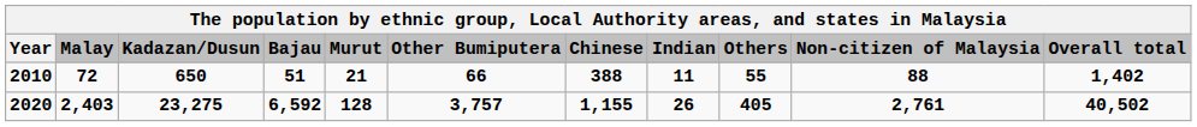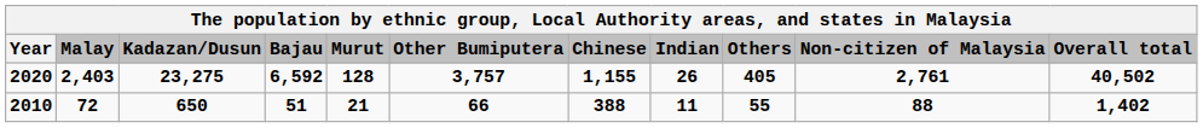 <table class="wikitable" width="auto" style="text-align: center">
 <tr>
 <th colspan="11">The population by ethnic group, Local Authority areas, and states in Malaysia</th>
 </tr>
 <tr style="background:#efefef;">
 <th><strong>Year</strong></th>
 <td style="background: silver"><strong>Malay</strong></td>
 <td style="background: silver"><strong>Kadazan/Dusun</strong></td>
 <td style="background: silver"><strong>Bajau</strong></td>
 <td style="background: silver"><strong>Murut</strong></td>
 <td style="background: silver"><strong>Other Bumiputera</strong></td>
 <td style="background: silver"><strong>Chinese</strong></td>
 <td style="background: silver"><strong>Indian</strong></td>
 <td style="background: silver"><strong>Others</strong></td>
 <td style="background: silver"><strong>Non-citizen of Malaysia</strong></td>
 <td style="background: silver"><strong>Overall total</strong></td>
 </tr>
 <tr>
+<td style="text-align:center;"><strong>2020</strong></td>
+<td style="text-align:center;"><strong>2,403</strong></td>
+<td style="text-align:center;"><strong>23,275</strong></td>
+<td style="text-align:center;"><strong>6,592</strong></td>
+<td style="text-align:center;"><strong>128</strong></td>
+<td style="text-align:center;"><strong>3,757</strong></td>
+<td style="text-align:center;"><strong>1,155</strong></td>
+<td style="text-align:center;"><strong>26</strong></td>
+<td style="text-align:center;"><strong>405</strong></td>
+<td style="text-align:center;"><strong>2,761</strong></td>
+<td style="text-align:center;"><strong>40,502</strong></td>
+</tr>
+<tr>
 <td style="text-align:center;"><strong>2010</strong></td>
 <td style="text-align:center;"><strong>72</strong></td>
 <td style="text-align:center;"><strong>650</strong></td>
 <td style="text-align:center;"><strong>51</strong></td>
 <td style="text-align:center;"><strong>21</strong></td>
 <td style="text-align:center;"><strong>66</strong></td>
 <td style="text-align:center;"><strong>388</strong></td>
 <td style="text-align:center;"><strong>11</strong></td>
 <td style="text-align:center;"><strong>55</strong></td>
 <td style="text-align:center;"><strong>88</strong></td>
 <td style="text-align:center;"><strong>1,402</strong></td>
 </tr>
-<tr>
-<td style="text-align:center;"><strong>2020</strong></td>
-<td style="text-align:center;"><strong>2,403</strong></td>
-<td style="text-align:center;"><strong>23,275</strong></td>
-<td style="text-align:center;"><strong>6,592</strong></td>
-<td style="text-align:center;"><strong>128</strong></td>
-<td style="text-align:center;"><strong>3,757</strong></td>
-<td style="text-align:center;"><strong>1,155</strong></td>
-<td style="text-align:center;"><strong>26</strong></td>
-<td style="text-align:center;"><strong>405</strong></td>
-<td style="text-align:center;"><strong>2,761</strong></td>
-<td style="text-align:center;"><strong>40,502</strong></td>
-</tr>
 </table>
